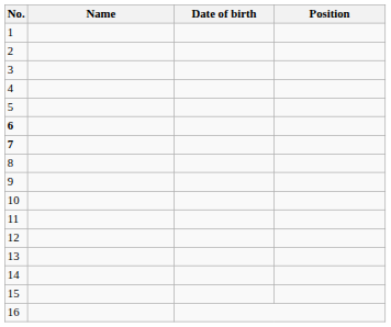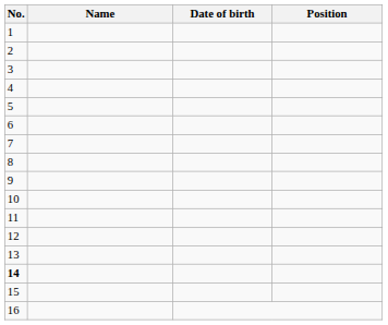 <table class=wikitable sortable style=font-size:100%; text-align:center;>
 <tr>
 <th>No.</th>
 <th style=width:12em>Name</th>
 <th style=width:8em>Date of birth</th>
 <th style=width:9em>Position</th>
 </tr>
 <tr>
 <td>1</td>
 <td align=left></td>
 <td></td>
 <td></td>
 </tr>
 <tr>
 <td>2</td>
 <td align=left></td>
 <td></td>
 <td></td>
 </tr>
 <tr>
 <td>3</td>
 <td align=left></td>
 <td></td>
 <td></td>
 </tr>
 <tr>
 <td>4</td>
 <td align=left></td>
 <td></td>
 <td></td>
 </tr>
 <tr>
 <td>5</td>
 <td align=left></td>
 <td></td>
 <td></td>
 </tr>
 <tr>
-<td><strong>6</strong></td>
+<td>6</td>
 <td align=left></td>
 <td></td>
 <td></td>
 </tr>
 <tr>
-<td><strong>7</strong></td>
+<td>7</td>
 <td align=left></td>
 <td></td>
 <td></td>
 </tr>
 <tr>
 <td>8</td>
 <td align=left></td>
 <td></td>
 <td></td>
 </tr>
 <tr>
 <td>9</td>
 <td align=left></td>
 <td></td>
 <td></td>
 </tr>
 <tr>
 <td>10</td>
 <td align=left></td>
 <td></td>
 <td></td>
 </tr>
 <tr>
 <td>11</td>
 <td align=left></td>
 <td></td>
 <td></td>
 </tr>
 <tr>
 <td>12</td>
 <td align=left></td>
 <td></td>
 <td></td>
 </tr>
 <tr>
 <td>13</td>
 <td align=left></td>
 <td></td>
 <td></td>
 </tr>
 <tr>
-<td>14</td>
+<td><strong>14</strong></td>
 <td align=left></td>
 <td></td>
 <td></td>
 </tr>
 <tr>
 <td>15</td>
 <td align=left></td>
 <td></td>
 <td></td>
 </tr>
 <tr>
 <td>16</td>
 <td align=left><br></td>
 </tr>
 </table>
